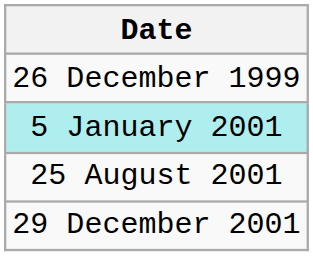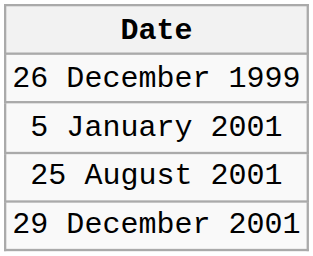 <table class="wikitable" style="text-align:center;">
 <tr>
 <th>Date</th>
 </tr>
 <tr>
 <td>26 December 1999</td>
 </tr>
 <tr>
-<td style="background: paleturquoise;">5 January 2001</td>
+<td>5 January 2001</td>
 </tr>
 <tr>
 <td>25 August 2001</td>
 </tr>
 <tr>
 <td>29 December 2001</td>
 </tr>
 </table>
